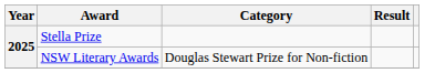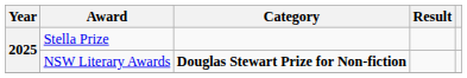 <table class="wikitable sortable">
 <tr>
 <th>Year</th>
 <th>Award</th>
 <th>Category</th>
 <th>Result</th>
 <th></th>
 </tr>
 <tr>
 <th rowspan="2">2025</th>
 <td><a href='#'>Stella Prize</a></td>
 <td></td>
 <td></td>
 <td></td>
 </tr>
 <tr>
 <td><a href='#'>NSW Literary Awards</a></td>
-<td>Douglas Stewart Prize for Non-fiction</td>
+<td><strong>Douglas Stewart Prize for Non-fiction</strong></td>
 <td></td>
 <td></td>
 </tr>
 <tr>
 </tr>
 </table>
